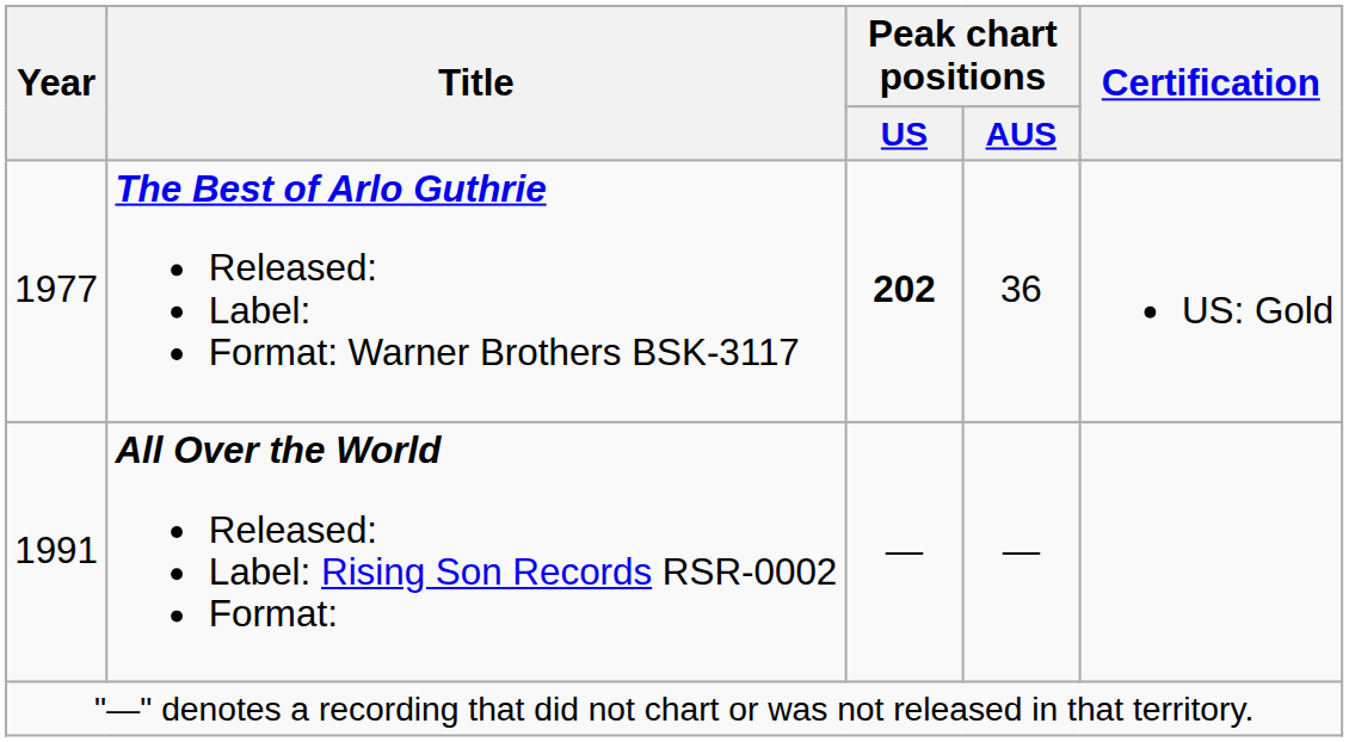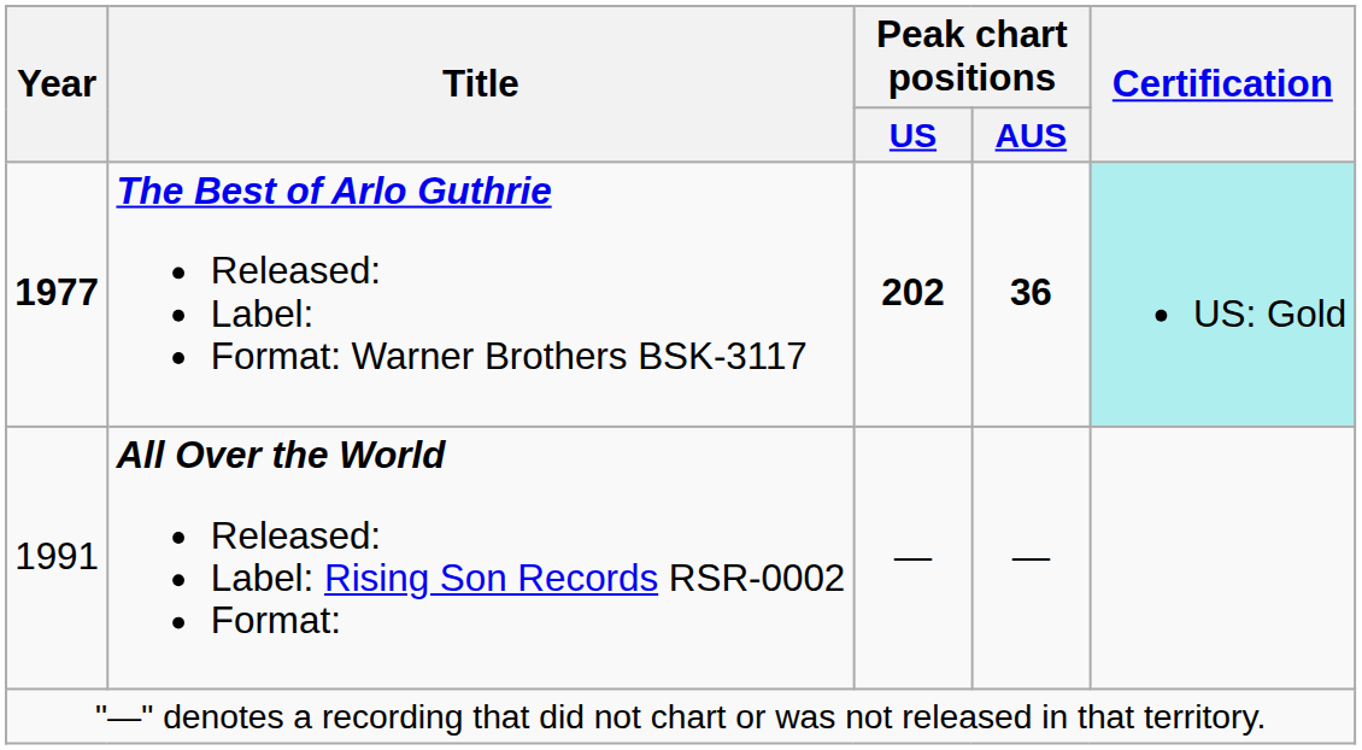 <table class="wikitable">
 <tr>
 <th rowspan="2">Year</th>
 <th rowspan="2">Title</th>
 <th scope="col" colspan="2">Peak chart positions</th>
 <th rowspan="2"><a href='#'>Certification</a></th>
 </tr>
 <tr>
 <th scope="col" style="width:3em;font-size:90%;"><a href='#'>US</a></th>
 <th scope="col" style="width:3em;font-size:90%;"><a href='#'>AUS</a><br></th>
 </tr>
 <tr>
-<td align="center">1977</td>
+<td align="center"><strong>1977</strong></td>
 <td><strong><em><a href='#'>The Best of Arlo Guthrie</a></em></strong><br><ul><li>Released:</li><li>Label:</li><li>Format: Warner Brothers BSK-3117</li></ul></td>
 <td align=center><strong>202</strong></td>
-<td align=center>36</td>
-<td><br><ul><li>US: Gold</li></ul></td>
+<td align=center><strong>36</strong></td>
+<td style="background: paleturquoise;"><br><ul><li>US: Gold</li></ul></td>
 </tr>
 <tr>
 <td align="center">1991</td>
 <td><strong><em>All Over the World</em></strong><br><ul><li>Released:</li><li>Label: <a href='#'>Rising Son Records</a> RSR-0002</li><li>Format:</li></ul></td>
 <td align=center>—</td>
 <td align=center>—</td>
 <td></td>
 </tr>
 <tr>
 <td colspan="5" style="font-size:90%" align=center>"—" denotes a recording that did not chart or was not released in that territory.</td>
 </tr>
 </table>
